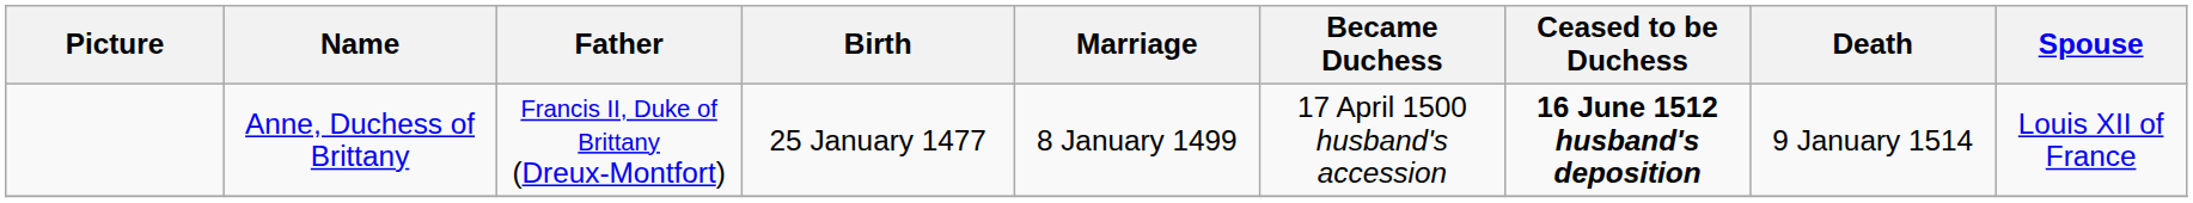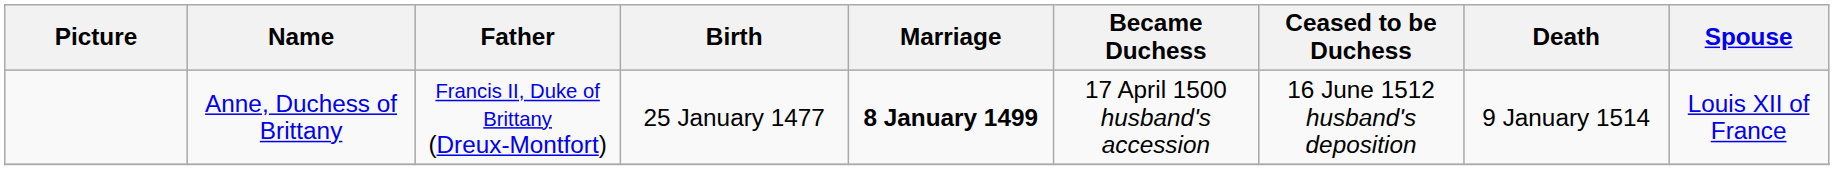 <table width=95% class="wikitable">
 <tr>
 <th width = "8%">Picture</th>
 <th width = "10%">Name</th>
 <th width = "9%">Father</th>
 <th width = "10%">Birth</th>
 <th width = "9%">Marriage</th>
 <th width = "9%">Became Duchess</th>
 <th width = "9%">Ceased to be Duchess</th>
 <th width = "9%">Death</th>
 <th width = "7%"><a href='#'>Spouse</a></th>
 </tr>
 <tr>
 <td align="center"></td>
 <td align="center"><a href='#'>Anne, Duchess of Brittany</a></td>
 <td align="center"><small><a href='#'>Francis II, Duke of Brittany</a></small><br> (<a href='#'>Dreux-Montfort</a>)</td>
 <td align="center">25 January 1477</td>
-<td align="center">8 January 1499</td>
+<td align="center"><strong>8 January 1499</strong></td>
 <td align="center">17 April 1500<br><em>husband's accession</em></td>
-<td align="center"><strong>16 June 1512<br><em>husband's deposition</em></strong></td>
+<td align="center">16 June 1512<br><em>husband's deposition</em></td>
 <td align="center">9 January 1514</td>
 <td align="center"><a href='#'>Louis XII of France</a></td>
 </tr>
 <tr>
 </tr>
 </table>
